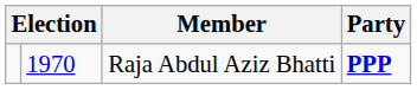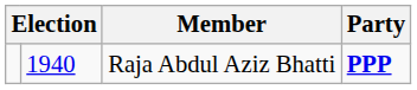 <table class="wikitable">
 <tr>
 <th colspan="2">Election</th>
 <th>Member</th>
 <th>Party</th>
 </tr>
 <tr>
 <td style="background-color: "></td>
-<td><a href='#'>1970</a></td>
+<td><a href='#'>1940</a></td>
 <td>Raja Abdul Aziz Bhatti</td>
 <td><strong><a href='#'>PPP</a></strong></td>
 </tr>
 </table>
